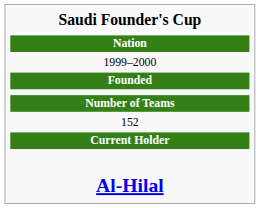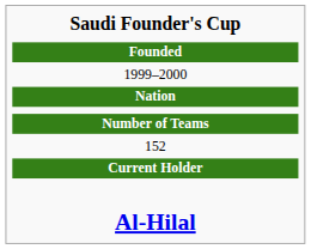 <table class="infobox football" style="width: 16em; text-align: center;">
 <tr>
 <th style="font-size: 16px;">Saudi Founder's Cup</th>
 </tr>
 <tr>
 <td style="font-size: 11px; line-height: 15px;"></td>
 </tr>
 <tr>
-<td style="font-size: 12px; color: white; background: #348017;"><strong>Nation</strong></td>
+<td style="font-size: 12px; color: white; background: #348017;"><strong>Founded</strong></td>
 </tr>
 <tr>
 <td style="font-size: 12px;">1999–2000</td>
 </tr>
 <tr>
-<td style="font-size: 12px; color: white; background: #348017;"><strong>Founded</strong></td>
+<td style="font-size: 12px; color: white; background: #348017;"><strong>Nation</strong></td>
 </tr>
 <tr>
 <td style="font-size: 12px;"></td>
 </tr>
 <tr>
 <td style="font-size: 12px; color: white; background: #348017;"><strong>Number of Teams</strong></td>
 </tr>
 <tr>
 <td style="font-size: 12px;">152</td>
 </tr>
 <tr>
 <td style="font-size: 12px; color: white; background: #348017;"><strong>Current Holder</strong></td>
 </tr>
 <tr>
 <td style="font-size: 20px;"><strong><br><a href='#'>Al-Hilal</a></strong></td>
 </tr>
 </table>
